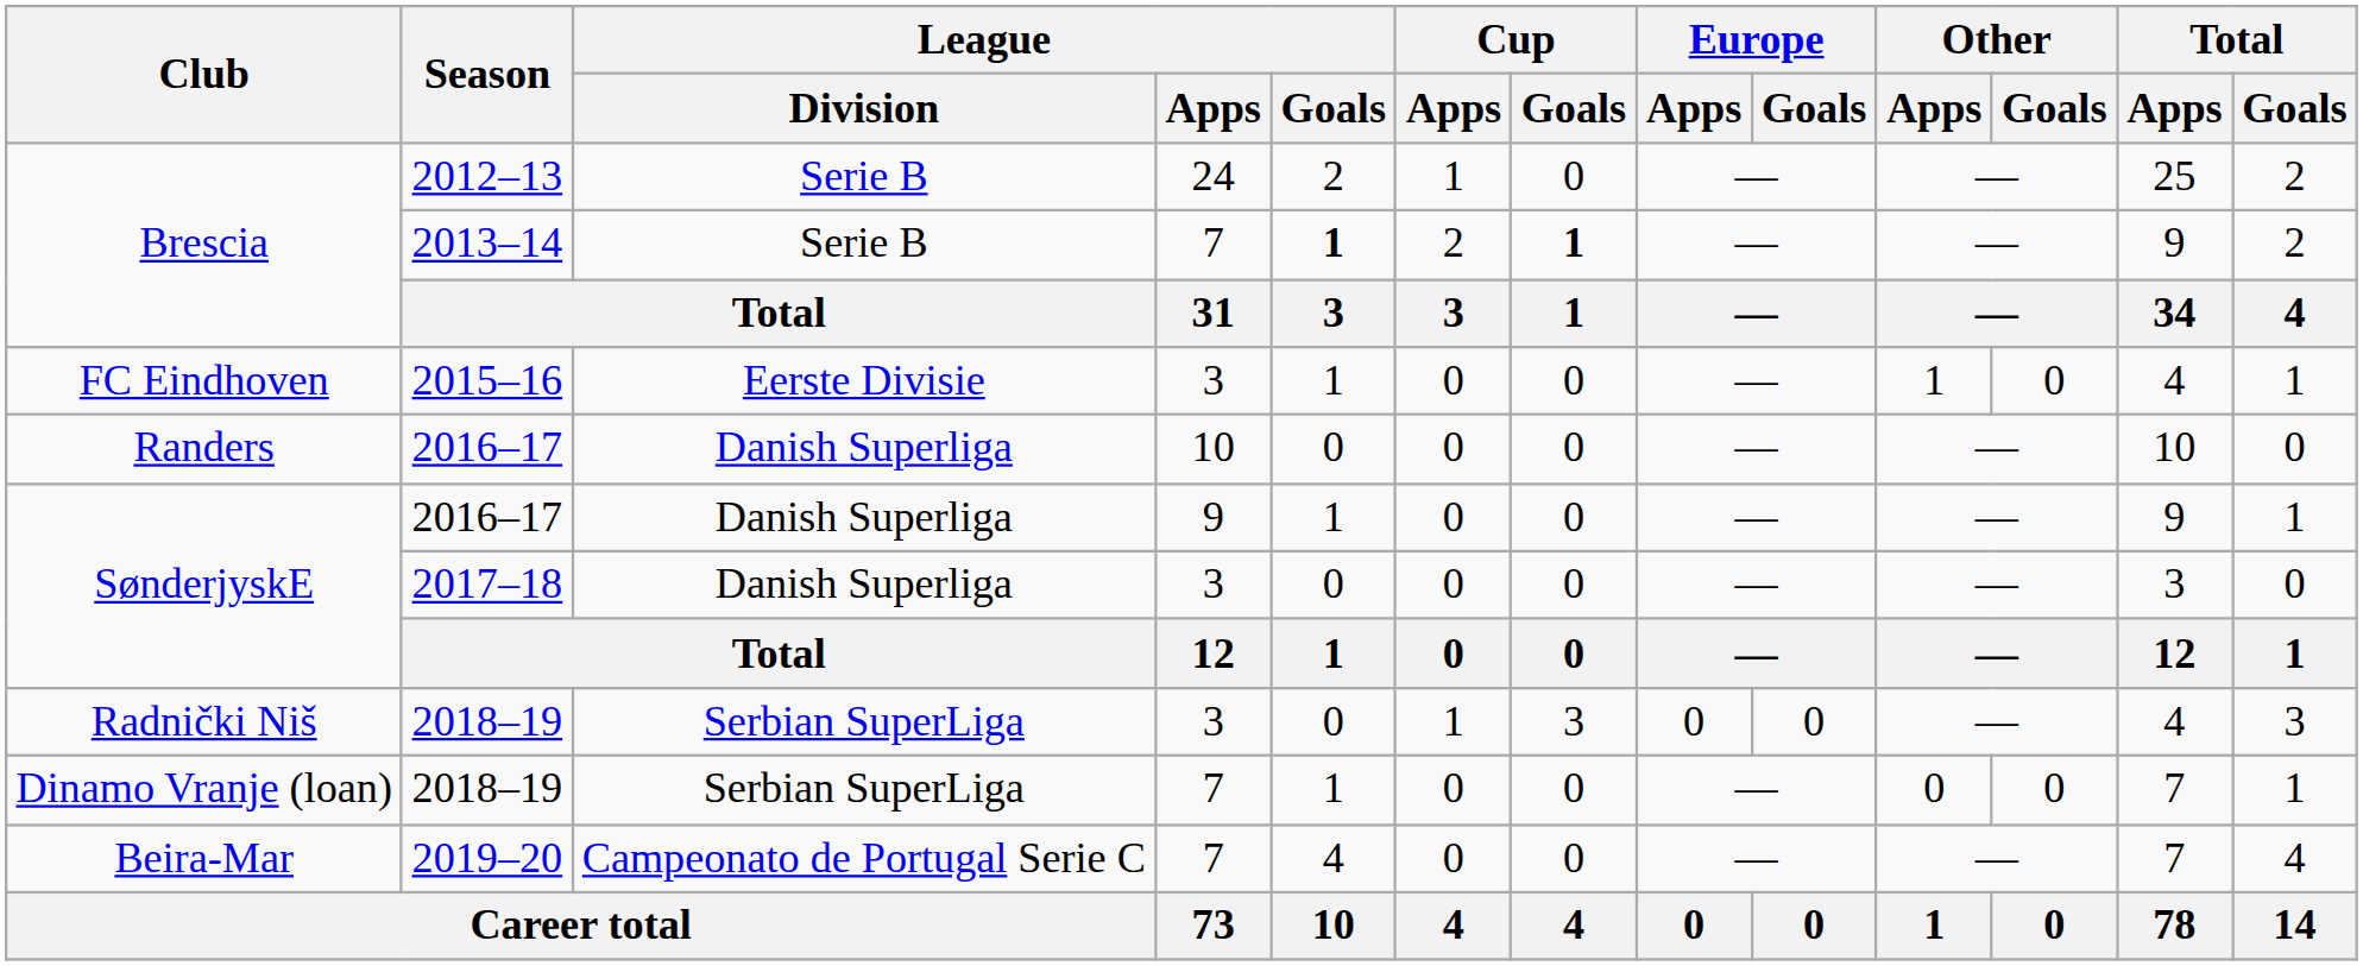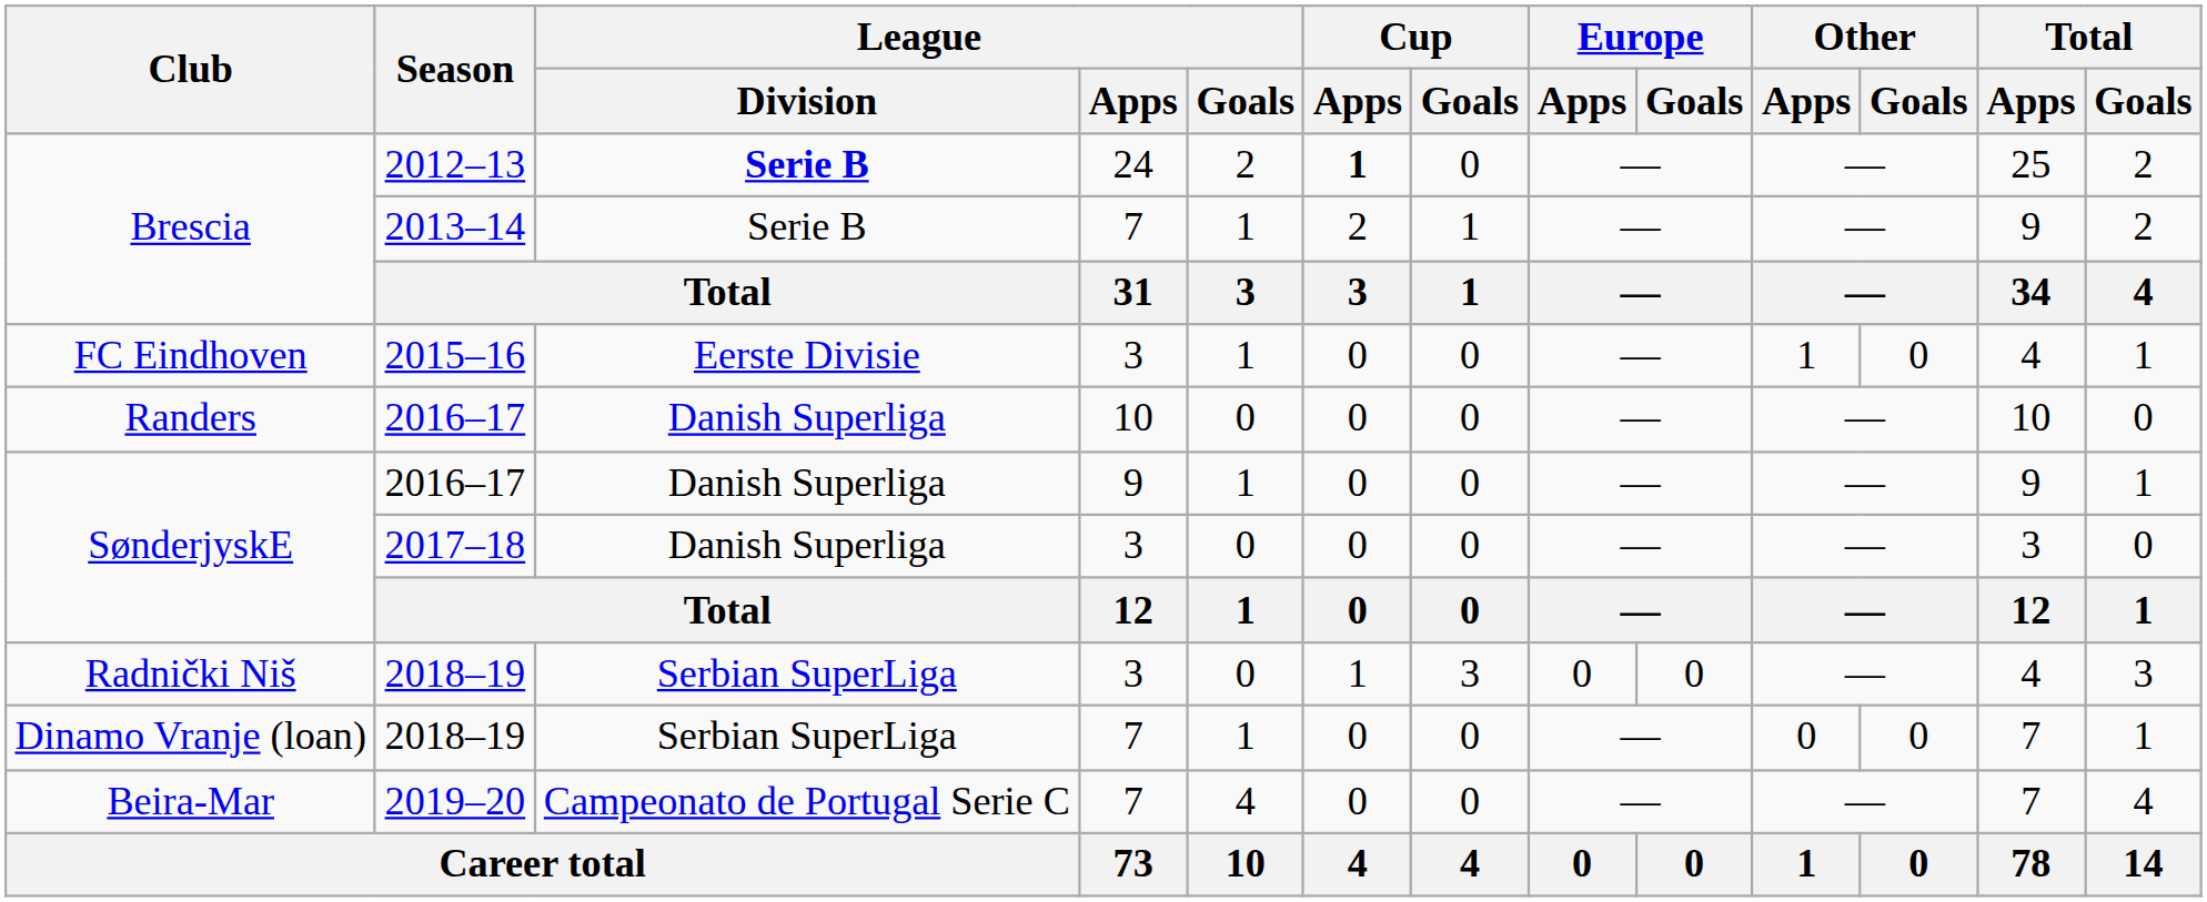 <table class="wikitable" style="text-align:center">
 <tr>
 <th rowspan="2">Club</th>
 <th rowspan="2">Season</th>
 <th colspan="3">League</th>
 <th colspan="2">Cup</th>
 <th colspan="2"><a href='#'>Europe</a></th>
 <th colspan="2">Other</th>
 <th colspan="2">Total</th>
 </tr>
 <tr>
 <th>Division</th>
 <th>Apps</th>
 <th>Goals</th>
 <th>Apps</th>
 <th>Goals</th>
 <th>Apps</th>
 <th>Goals</th>
 <th>Apps</th>
 <th>Goals</th>
 <th>Apps</th>
 <th>Goals</th>
 </tr>
 <tr>
 <td rowspan="3"><a href='#'>Brescia</a></td>
 <td><a href='#'>2012–13</a></td>
-<td><a href='#'>Serie B</a></td>
+<td><strong><a href='#'>Serie B</a></strong></td>
 <td>24</td>
 <td>2</td>
-<td>1</td>
+<td><strong>1</strong></td>
 <td>0</td>
 <td colspan="2">—</td>
 <td colspan="2">—</td>
 <td>25</td>
 <td>2</td>
 </tr>
 <tr>
 <td><a href='#'>2013–14</a></td>
 <td>Serie B</td>
 <td>7</td>
-<td><strong>1</strong></td>
+<td>1</td>
 <td>2</td>
-<td><strong>1</strong></td>
+<td>1</td>
 <td colspan="2">—</td>
 <td colspan="2">—</td>
 <td>9</td>
 <td>2</td>
 </tr>
 <tr>
 <th colspan=2>Total</th>
 <th>31</th>
 <th>3</th>
 <th>3</th>
 <th>1</th>
 <th colspan="2">—</th>
 <th colspan="2">—</th>
 <th>34</th>
 <th>4</th>
 </tr>
 <tr>
 <td rowspan="1"><a href='#'>FC Eindhoven</a></td>
 <td><a href='#'>2015–16</a></td>
 <td><a href='#'>Eerste Divisie</a></td>
 <td>3</td>
 <td>1</td>
 <td>0</td>
 <td>0</td>
 <td colspan="2">—</td>
 <td>1</td>
 <td>0</td>
 <td>4</td>
 <td>1</td>
 </tr>
 <tr>
 <td rowspan="1"><a href='#'>Randers</a></td>
 <td><a href='#'>2016–17</a></td>
 <td><a href='#'>Danish Superliga</a></td>
 <td>10</td>
 <td>0</td>
 <td>0</td>
 <td>0</td>
 <td colspan="2">—</td>
 <td colspan="2">—</td>
 <td>10</td>
 <td>0</td>
 </tr>
 <tr>
 <td rowspan="3"><a href='#'>SønderjyskE</a></td>
 <td>2016–17</td>
 <td>Danish Superliga</td>
 <td>9</td>
 <td>1</td>
 <td>0</td>
 <td>0</td>
 <td colspan="2">—</td>
 <td colspan="2">—</td>
 <td>9</td>
 <td>1</td>
 </tr>
 <tr>
 <td><a href='#'>2017–18</a></td>
 <td>Danish Superliga</td>
 <td>3</td>
 <td>0</td>
 <td>0</td>
 <td>0</td>
 <td colspan="2">—</td>
 <td colspan="2">—</td>
 <td>3</td>
 <td>0</td>
 </tr>
 <tr>
 <th colspan=2>Total</th>
 <th>12</th>
 <th>1</th>
 <th>0</th>
 <th>0</th>
 <th colspan="2">—</th>
 <th colspan="2">—</th>
 <th>12</th>
 <th>1</th>
 </tr>
 <tr>
 <td rowspan="1"><a href='#'>Radnički Niš</a></td>
 <td><a href='#'>2018–19</a></td>
 <td><a href='#'>Serbian SuperLiga</a></td>
 <td>3</td>
 <td>0</td>
 <td>1</td>
 <td>3</td>
 <td>0</td>
 <td>0</td>
 <td colspan="2">—</td>
 <td>4</td>
 <td>3</td>
 </tr>
 <tr>
 <td rowspan="1"><a href='#'>Dinamo Vranje</a> (loan)</td>
 <td>2018–19</td>
 <td>Serbian SuperLiga</td>
 <td>7</td>
 <td>1</td>
 <td>0</td>
 <td>0</td>
 <td colspan="2">—</td>
 <td>0</td>
 <td>0</td>
 <td>7</td>
 <td>1</td>
 </tr>
 <tr>
 <td rowspan="1"><a href='#'>Beira-Mar</a></td>
 <td><a href='#'>2019–20</a></td>
 <td><a href='#'>Campeonato de Portugal</a> Serie C</td>
 <td>7</td>
 <td>4</td>
 <td>0</td>
 <td>0</td>
 <td colspan="2">—</td>
 <td colspan="2">—</td>
 <td>7</td>
 <td>4</td>
 </tr>
 <tr>
 <th colspan=3>Career total</th>
 <th>73</th>
 <th>10</th>
 <th>4</th>
 <th>4</th>
 <th>0</th>
 <th>0</th>
 <th>1</th>
 <th>0</th>
 <th>78</th>
 <th>14</th>
 </tr>
 </table>
